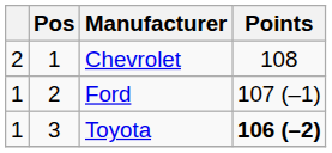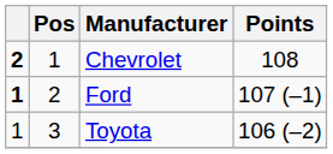 <table class="wikitable" style="font-size: 95%">
 <tr>
 <th></th>
 <th>Pos</th>
 <th>Manufacturer</th>
 <th>Points</th>
 </tr>
 <tr>
-<td align="left"> 2</td>
+<td align="left"><strong> 2</strong></td>
 <td style="text-align:center;">1</td>
 <td><a href='#'>Chevrolet</a></td>
 <td style="text-align:center;">108</td>
 </tr>
 <tr>
-<td align="left"> 1</td>
+<td align="left"><strong> 1</strong></td>
 <td style="text-align:center;">2</td>
 <td><a href='#'>Ford</a></td>
 <td style="text-align:center;">107 (–1)</td>
 </tr>
 <tr>
 <td align="left"> 1</td>
 <td style="text-align:center;">3</td>
 <td><a href='#'>Toyota</a></td>
-<td style="text-align:center;"><strong>106 (–2)</strong></td>
+<td style="text-align:center;">106 (–2)</td>
 </tr>
 <tr class="sortbottom">
 </tr>
 </table>
